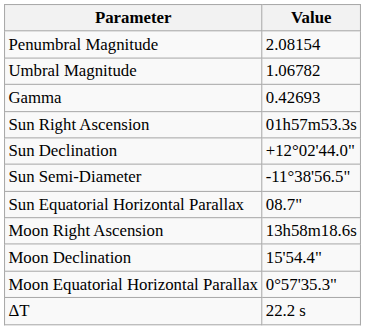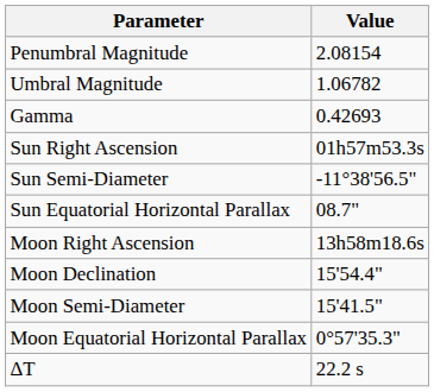 <table class="wikitable">
 <tr>
 <th>Parameter</th>
 <th>Value</th>
 </tr>
 <tr>
 <td>Penumbral Magnitude</td>
 <td>2.08154</td>
 </tr>
 <tr>
 <td>Umbral Magnitude</td>
 <td>1.06782</td>
 </tr>
 <tr>
 <td>Gamma</td>
 <td>0.42693</td>
 </tr>
 <tr>
 <td>Sun Right Ascension</td>
 <td>01h57m53.3s</td>
 </tr>
 <tr>
-<td>Sun Declination</td>
-<td>+12°02'44.0"</td>
-</tr>
-<tr>
 <td>Sun Semi-Diameter</td>
 <td>-11°38'56.5"</td>
 </tr>
 <tr>
 <td>Sun Equatorial Horizontal Parallax</td>
 <td>08.7"</td>
 </tr>
 <tr>
 <td>Moon Right Ascension</td>
 <td>13h58m18.6s</td>
 </tr>
 <tr>
 <td>Moon Declination</td>
 <td>15'54.4"</td>
 </tr>
 <tr>
+<td>Moon Semi-Diameter</td>
+<td>15'41.5"</td>
+</tr>
+<tr>
 <td>Moon Equatorial Horizontal Parallax</td>
 <td>0°57'35.3"</td>
 </tr>
 <tr>
 <td>ΔT</td>
 <td>22.2 s</td>
 </tr>
 </table>
